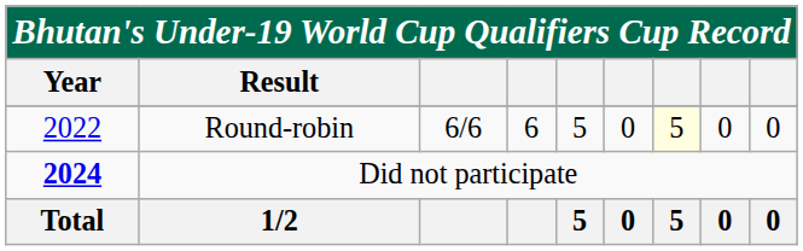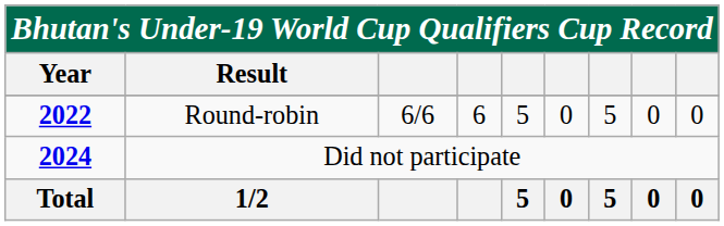 <table class="wikitable" style="text-align:center">
 <tr>
 <th style="color:white; background:#006A4E;" colspan=9><strong><big><em>Bhutan's  Under-19 World Cup Qualifiers Cup Record</em></big></strong></th>
 </tr>
 <tr>
 <th>Year</th>
 <th>Result</th>
 <th></th>
 <th></th>
 <th></th>
 <th></th>
 <th></th>
 <th></th>
 <th></th>
 </tr>
 <tr bgcolor=pink>
 </tr>
 <tr>
-<td> <a href='#'>2022</a></td>
+<td><strong> <a href='#'>2022</a></strong></td>
 <td>Round-robin</td>
 <td>6/6</td>
 <td>6</td>
 <td>5</td>
 <td>0</td>
-<td style="background: lightyellow;">5</td>
+<td>5</td>
 <td>0</td>
 <td>0</td>
 </tr>
 <tr>
 <td><strong> <a href='#'>2024</a></strong></td>
 <td colspan=8>Did not participate</td>
 </tr>
 <tr>
 <th>Total</th>
 <th>1/2</th>
 <th></th>
 <th></th>
 <th>5</th>
 <th>0</th>
 <th>5</th>
 <th>0</th>
 <th>0</th>
 </tr>
 </table>
